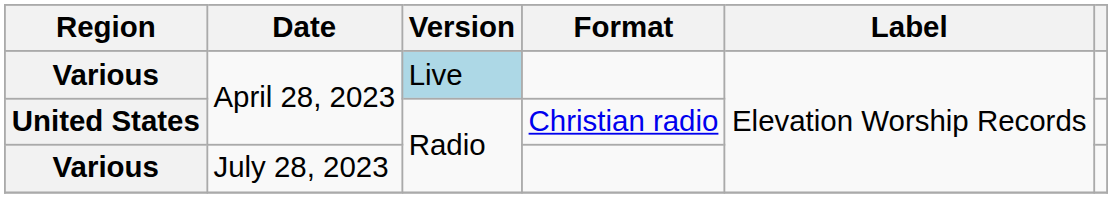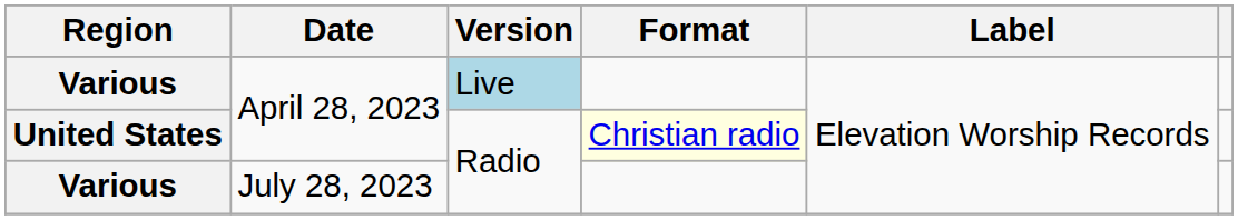 <table class="wikitable plainrowheaders">
 <tr>
 <th scope="col">Region</th>
 <th scope="col">Date</th>
 <th scope="col">Version</th>
 <th scope="col">Format</th>
 <th scope="col">Label</th>
 <th scope="col"></th>
 </tr>
 <tr>
 <th scope="row">Various</th>
 <td rowspan="2">April 28, 2023</td>
 <td style="background: lightblue;">Live</td>
 <td></td>
 <td rowspan="3">Elevation Worship Records</td>
 <td></td>
 </tr>
 <tr>
 <th scope="row">United States</th>
 <td rowspan="2">Radio</td>
-<td><a href='#'>Christian radio</a></td>
+<td style="background: lightyellow;"><a href='#'>Christian radio</a></td>
 <td></td>
 </tr>
 <tr>
 <th scope="row">Various</th>
 <td>July 28, 2023</td>
 <td></td>
 <td></td>
 </tr>
 <tr>
 </tr>
 </table>
